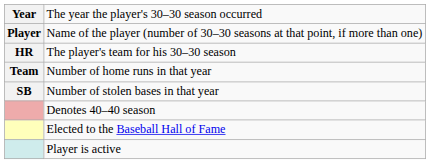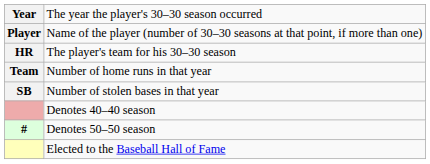 <table class="wikitable plainrowheaders">
 <tr>
 <th scope="row" style="text-align:center"><strong>Year</strong></th>
 <td>The year the player's 30–30 season occurred</td>
 </tr>
 <tr>
 <th scope="row" style="text-align:center"><strong>Player </strong></th>
 <td>Name of the player (number of 30–30 seasons at that point, if more than one)</td>
 </tr>
 <tr>
 <th scope="row" style="text-align:center"><strong>HR</strong></th>
 <td>The player's team for his 30–30 season</td>
 </tr>
 <tr>
 <th scope="row" style="text-align:center"><strong>Team</strong></th>
 <td>Number of home runs in that year</td>
 </tr>
 <tr>
 <th scope="row" style="text-align:center"><strong>SB</strong></th>
 <td>Number of stolen bases in that year</td>
 </tr>
 <tr>
 <th scope="row" style="text-align:center; background-color:#eeabab;"></th>
 <td>Denotes 40–40 season</td>
 </tr>
 <tr>
+<th scope="row" style="text-align:center; background-color:#dfd;">#</th>
+<td>Denotes 50–50 season</td>
+</tr>
+<tr>
 <th scope="row" style="text-align:center; background-color: #ffffbb"></th>
 <td>Elected to the <a href='#'>Baseball Hall of Fame</a></td>
 </tr>
-<tr>
-<th scope="row" style="text-align:center; background:#cfecec;"></th>
-<td>Player is active</td>
-</tr>
 </table>
